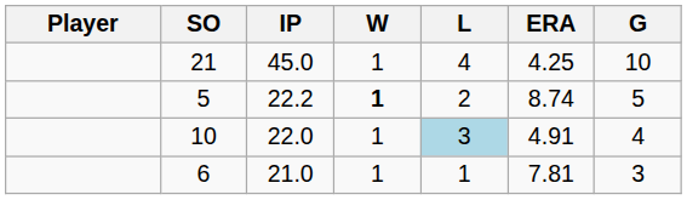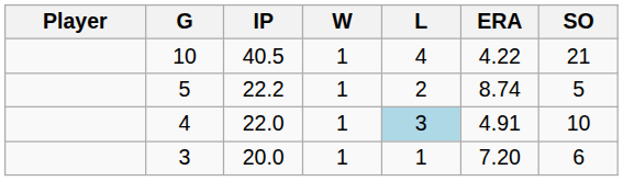 <table class="wikitable sortable">
 <tr>
 <th bgcolor="#DDDDFF" width="16%">Player</th>
-<th bgcolor="#DDDDFF" width="9%">SO</th>
+<th bgcolor="#DDDDFF" width="9%">G</th>
 <th bgcolor="#DDDDFF" width="9%">IP</th>
 <th bgcolor="#DDDDFF" width="9%">W</th>
 <th bgcolor="#DDDDFF" width="9%">L</th>
 <th bgcolor="#DDDDFF" width="9%">ERA</th>
-<th bgcolor="#DDDDFF" width="9%">G</th>
+<th bgcolor="#DDDDFF" width="9%">SO</th>
 </tr>
 <tr align="center">
 <td></td>
-<td>21</td>
-<td>45.0</td>
+<td>10</td>
+<td>40.5</td>
 <td>1</td>
 <td>4</td>
-<td>4.25</td>
-<td>10</td>
+<td>4.22</td>
+<td>21</td>
 </tr>
 <tr align="center">
 <td></td>
 <td>5</td>
 <td>22.2</td>
-<td><strong>1</strong></td>
+<td>1</td>
 <td>2</td>
 <td>8.74</td>
 <td>5</td>
 </tr>
 <tr align="center">
 <td></td>
-<td>10</td>
+<td>4</td>
 <td>22.0</td>
 <td>1</td>
 <td style="background: lightblue;">3</td>
 <td>4.91</td>
-<td>4</td>
+<td>10</td>
 </tr>
 <tr align="center">
 <td></td>
-<td>6</td>
-<td>21.0</td>
+<td>3</td>
+<td>20.0</td>
 <td>1</td>
 <td>1</td>
-<td>7.81</td>
-<td>3</td>
+<td>7.20</td>
+<td>6</td>
 </tr>
 </table>
